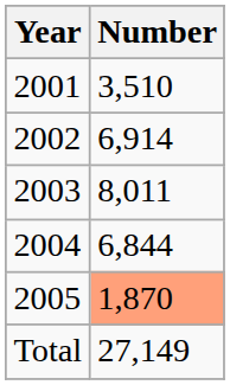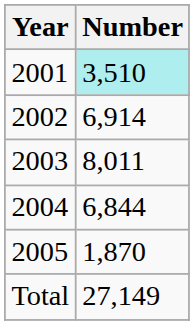 <table class="wikitable">
 <tr>
 <th>Year</th>
 <th>Number</th>
 </tr>
 <tr>
 <td>2001</td>
-<td>3,510</td>
+<td style="background: paleturquoise;">3,510</td>
 </tr>
 <tr>
 <td>2002</td>
 <td>6,914</td>
 </tr>
 <tr>
 <td>2003</td>
 <td>8,011</td>
 </tr>
 <tr>
 <td>2004</td>
 <td>6,844</td>
 </tr>
 <tr>
 <td>2005</td>
-<td style="background: lightsalmon;">1,870</td>
+<td>1,870</td>
 </tr>
 <tr>
 <td>Total</td>
 <td>27,149</td>
 </tr>
 </table>
